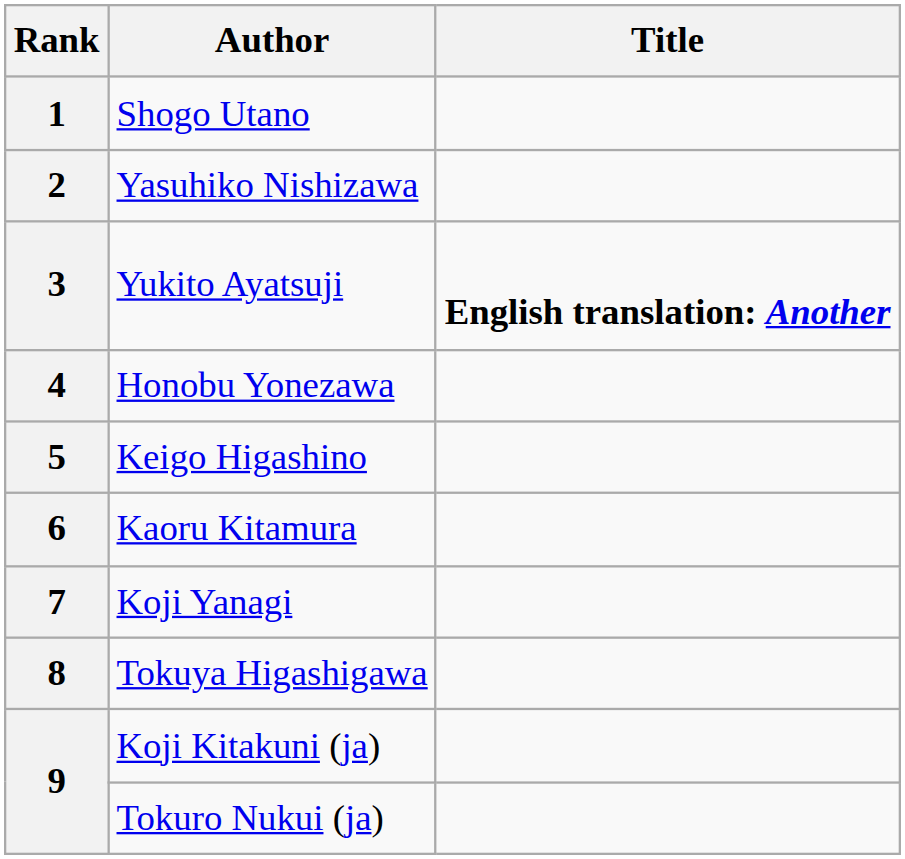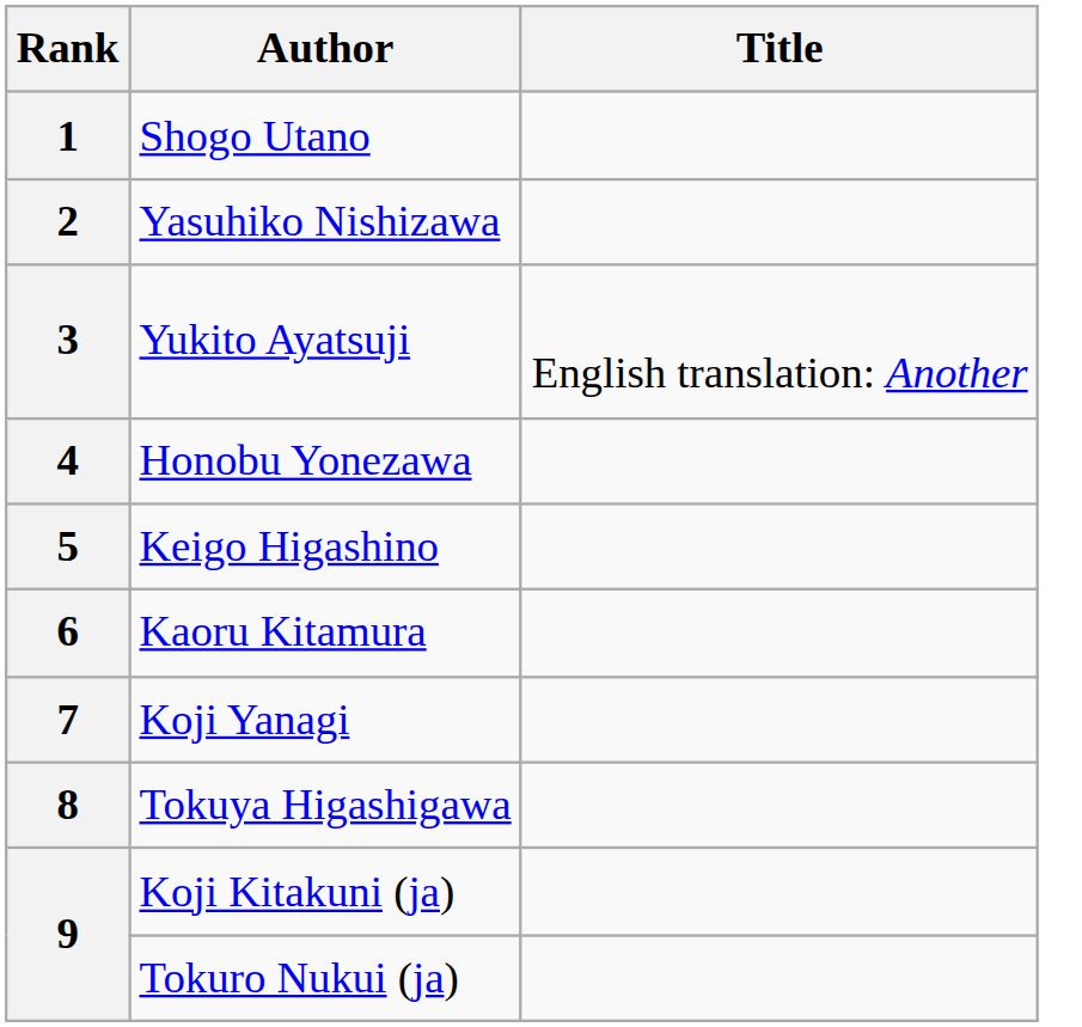 <table class="wikitable sortable" style="font-size:1.00em; line-height:1.5em;">
 <tr>
 <th>Rank</th>
 <th>Author</th>
 <th>Title</th>
 </tr>
 <tr>
 <th>1</th>
 <td><a href='#'>Shogo Utano</a></td>
 <td></td>
 </tr>
 <tr>
 <th>2</th>
 <td><a href='#'>Yasuhiko Nishizawa</a></td>
 <td></td>
 </tr>
 <tr>
 <th>3</th>
 <td><a href='#'>Yukito Ayatsuji</a></td>
-<td><strong><br>English translation: <em><a href='#'>Another</a></em></strong></td>
+<td><br>English translation: <em><a href='#'>Another</a></em></td>
 </tr>
 <tr>
 <th>4</th>
 <td><a href='#'>Honobu Yonezawa</a></td>
 <td></td>
 </tr>
 <tr>
 <th>5</th>
 <td><a href='#'>Keigo Higashino</a></td>
 <td></td>
 </tr>
 <tr>
 <th>6</th>
 <td><a href='#'>Kaoru Kitamura</a></td>
 <td></td>
 </tr>
 <tr>
 <th>7</th>
 <td><a href='#'>Koji Yanagi</a></td>
 <td></td>
 </tr>
 <tr>
 <th>8</th>
 <td><a href='#'>Tokuya Higashigawa</a></td>
 <td></td>
 </tr>
 <tr>
 <th rowspan=2>9</th>
 <td><a href='#'>Koji Kitakuni</a> (<a href='#'>ja</a>)</td>
 <td></td>
 </tr>
 <tr>
 <td><a href='#'>Tokuro Nukui</a> (<a href='#'>ja</a>)</td>
 <td></td>
 </tr>
 </table>
